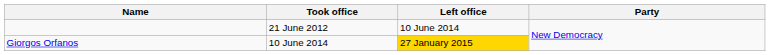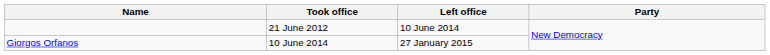 <table class="wikitable">
 <tr>
 <th width="20%">Name</th>
 <th width="10%">Took office</th>
 <th width="10%">Left office</th>
 <th width="18%">Party</th>
 </tr>
 <tr>
 <td></td>
 <td>21 June 2012</td>
 <td>10 June 2014</td>
 <td rowspan=2><a href='#'>New Democracy</a></td>
 </tr>
 <tr>
 <td><a href='#'>Giorgos Orfanos</a></td>
 <td>10 June 2014</td>
-<td style="background: gold;">27 January 2015</td>
+<td>27 January 2015</td>
 </tr>
 </table>
